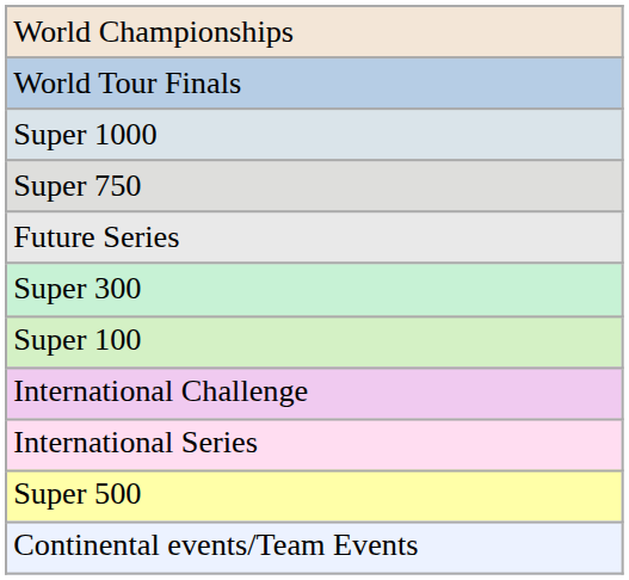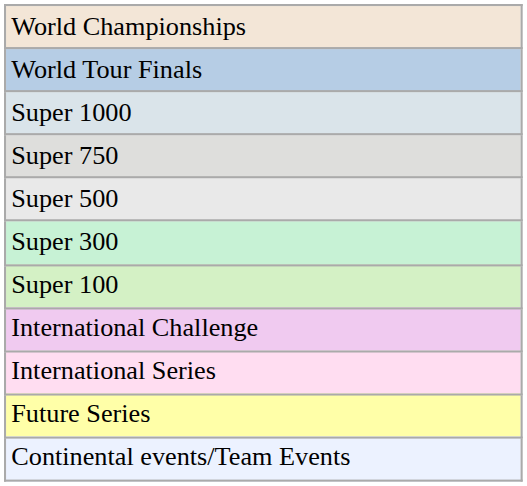 <table class="wikitable" style="font-size:80%; width:20%">
 <tr bgcolor="#F3E6D7">
 <td>World Championships</td>
 </tr>
 <tr bgcolor="#B6CDE5">
 <td>World Tour Finals</td>
 </tr>
 <tr bgcolor="#DAE4EA">
 <td>Super 1000</td>
 </tr>
 <tr bgcolor="#DEDEDC">
 <td>Super 750</td>
 </tr>
 <tr bgcolor="#E9E9E9">
-<td>Future Series</td>
+<td>Super 500</td>
 </tr>
 <tr bgcolor="#C7F2D5">
 <td>Super 300</td>
 </tr>
 <tr bgcolor="#D4F1C5">
 <td>Super 100</td>
 </tr>
 <tr bgcolor="#F0CAF0">
 <td>International Challenge</td>
 </tr>
 <tr bgcolor="#FFDDF1">
 <td>International Series</td>
 </tr>
 <tr bgcolor="#FFFFA8">
-<td>Super 500</td>
+<td>Future Series</td>
 </tr>
 <tr bgcolor="#ECF2FF">
 <td>Continental events/Team Events</td>
 </tr>
 </table>
